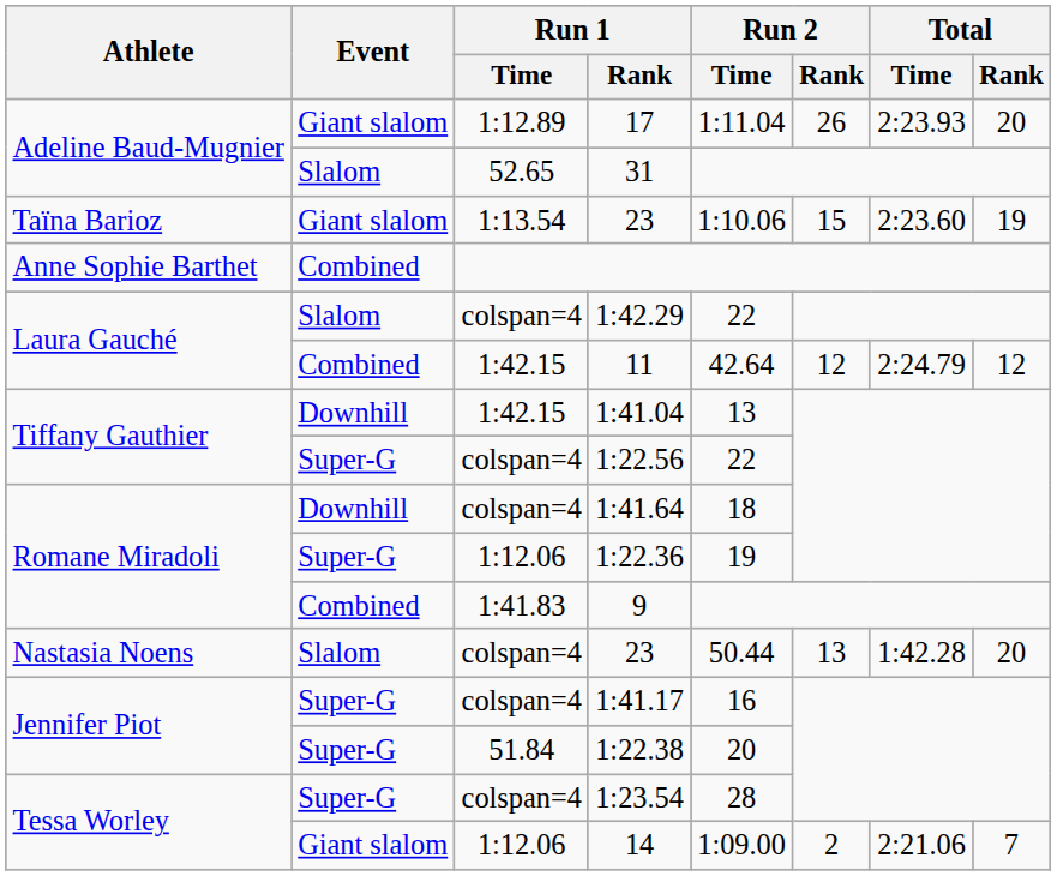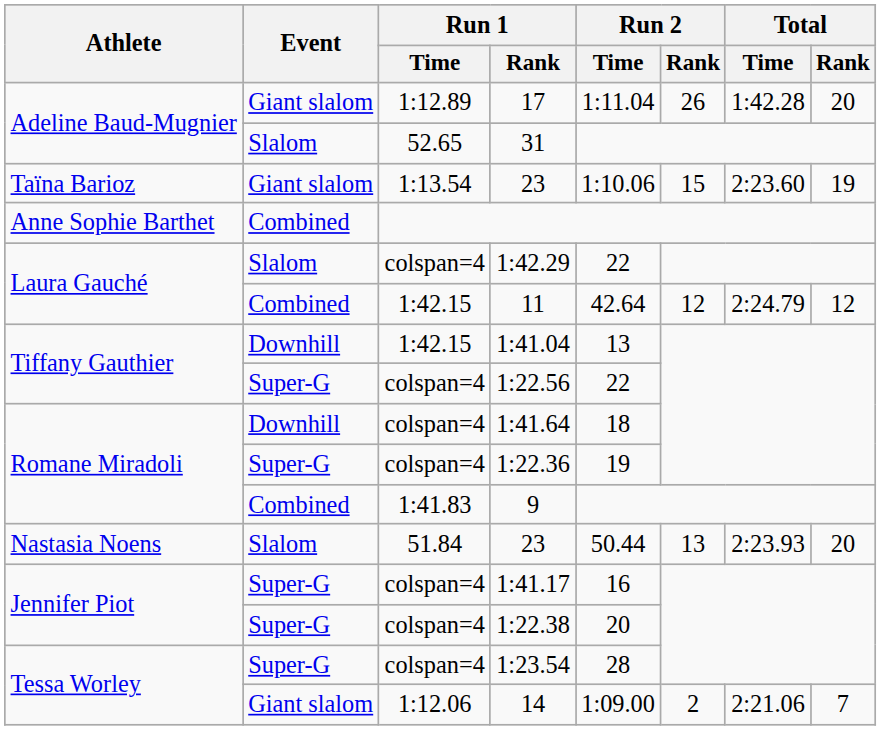 <table class="wikitable" style="font-size:90%">
 <tr>
 <th rowspan=2>Athlete</th>
 <th rowspan=2>Event</th>
 <th colspan=2>Run 1</th>
 <th colspan=2>Run 2</th>
 <th colspan=2>Total</th>
 </tr>
 <tr style="font-size:95%">
 <th>Time</th>
 <th>Rank</th>
 <th>Time</th>
 <th>Rank</th>
 <th>Time</th>
 <th>Rank</th>
 </tr>
 <tr align=center>
 <td align=left rowspan=2><a href='#'>Adeline Baud-Mugnier</a></td>
 <td align=left><a href='#'>Giant slalom</a></td>
 <td>1:12.89</td>
 <td>17</td>
 <td>1:11.04</td>
 <td>26</td>
-<td>2:23.93</td>
+<td>1:42.28</td>
 <td>20</td>
 </tr>
 <tr align=center>
 <td align=left><a href='#'>Slalom</a></td>
 <td>52.65</td>
 <td>31</td>
 <td colspan=4></td>
 </tr>
 <tr align=center>
 <td align=left><a href='#'>Taïna Barioz</a></td>
 <td align=left><a href='#'>Giant slalom</a></td>
 <td>1:13.54</td>
 <td>23</td>
 <td>1:10.06</td>
 <td>15</td>
 <td>2:23.60</td>
 <td>19</td>
 </tr>
 <tr align=center>
 <td align=left><a href='#'>Anne Sophie Barthet</a></td>
 <td align=left><a href='#'>Combined</a></td>
 <td colspan=6></td>
 </tr>
 <tr align=center>
 <td align=left rowspan=2><a href='#'>Laura Gauché</a></td>
 <td align=left><a href='#'>Slalom</a></td>
 <td>colspan=4 </td>
 <td>1:42.29</td>
 <td>22</td>
 </tr>
 <tr align=center>
 <td align=left><a href='#'>Combined</a></td>
 <td>1:42.15</td>
 <td>11</td>
 <td>42.64</td>
 <td>12</td>
 <td>2:24.79</td>
 <td>12</td>
 </tr>
 <tr align=center>
 <td align=left rowspan=2><a href='#'>Tiffany Gauthier</a></td>
 <td align=left><a href='#'>Downhill</a></td>
 <td>1:42.15</td>
 <td>1:41.04</td>
 <td>13</td>
 </tr>
 <tr align=center>
 <td align=left><a href='#'>Super-G</a></td>
 <td>colspan=4 </td>
 <td>1:22.56</td>
 <td>22</td>
 </tr>
 <tr align=center>
 <td align=left rowspan=3><a href='#'>Romane Miradoli</a></td>
 <td align=left><a href='#'>Downhill</a></td>
 <td>colspan=4 </td>
 <td>1:41.64</td>
 <td>18</td>
 </tr>
 <tr align=center>
 <td align=left><a href='#'>Super-G</a></td>
-<td>1:12.06</td>
+<td>colspan=4 </td>
 <td>1:22.36</td>
 <td>19</td>
 </tr>
 <tr align=center>
 <td align=left><a href='#'>Combined</a></td>
 <td>1:41.83</td>
 <td>9</td>
 <td colspan=4></td>
 </tr>
 <tr align=center>
 <td align=left><a href='#'>Nastasia Noens</a></td>
 <td align=left><a href='#'>Slalom</a></td>
-<td>colspan=4 </td>
+<td>51.84</td>
 <td>23</td>
 <td>50.44</td>
 <td>13</td>
-<td>1:42.28</td>
+<td>2:23.93</td>
 <td>20</td>
 </tr>
 <tr align=center>
 <td align=left rowspan=2><a href='#'>Jennifer Piot</a></td>
 <td align=left><a href='#'>Super-G</a></td>
 <td>colspan=4 </td>
 <td>1:41.17</td>
 <td>16</td>
 </tr>
 <tr align=center>
 <td align=left><a href='#'>Super-G</a></td>
-<td>51.84</td>
+<td>colspan=4 </td>
 <td>1:22.38</td>
 <td>20</td>
 </tr>
 <tr align=center>
 <td align=left rowspan=2><a href='#'>Tessa Worley</a></td>
 <td align=left><a href='#'>Super-G</a></td>
 <td>colspan=4 </td>
 <td>1:23.54</td>
 <td>28</td>
 </tr>
 <tr align=center>
 <td align=left><a href='#'>Giant slalom</a></td>
 <td>1:12.06</td>
 <td>14</td>
 <td>1:09.00</td>
 <td>2</td>
 <td>2:21.06</td>
 <td>7</td>
 </tr>
 </table>
